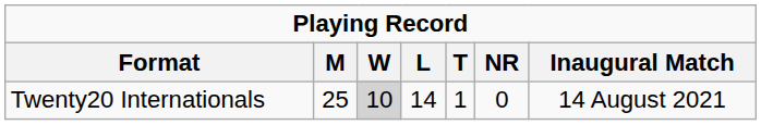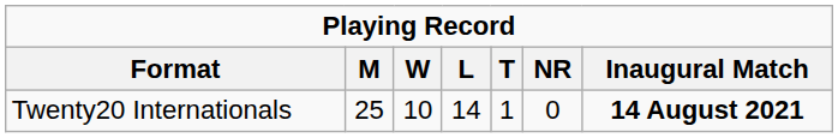 <table class="wikitable" style="text-align: center; width: 500px;">
 <tr>
 <td colspan=7 align="center"><strong>Playing Record</strong></td>
 </tr>
 <tr>
 <th>Format</th>
 <th>M</th>
 <th>W</th>
 <th>L</th>
 <th>T</th>
 <th>NR</th>
 <th>Inaugural Match</th>
 </tr>
 <tr>
 <td align="left">Twenty20 Internationals</td>
 <td>25</td>
-<td style="background: lightgrey;">10</td>
+<td>10</td>
 <td>14</td>
 <td>1</td>
 <td>0</td>
-<td>14 August 2021</td>
+<td><strong>14 August 2021</strong></td>
 </tr>
 </table>
